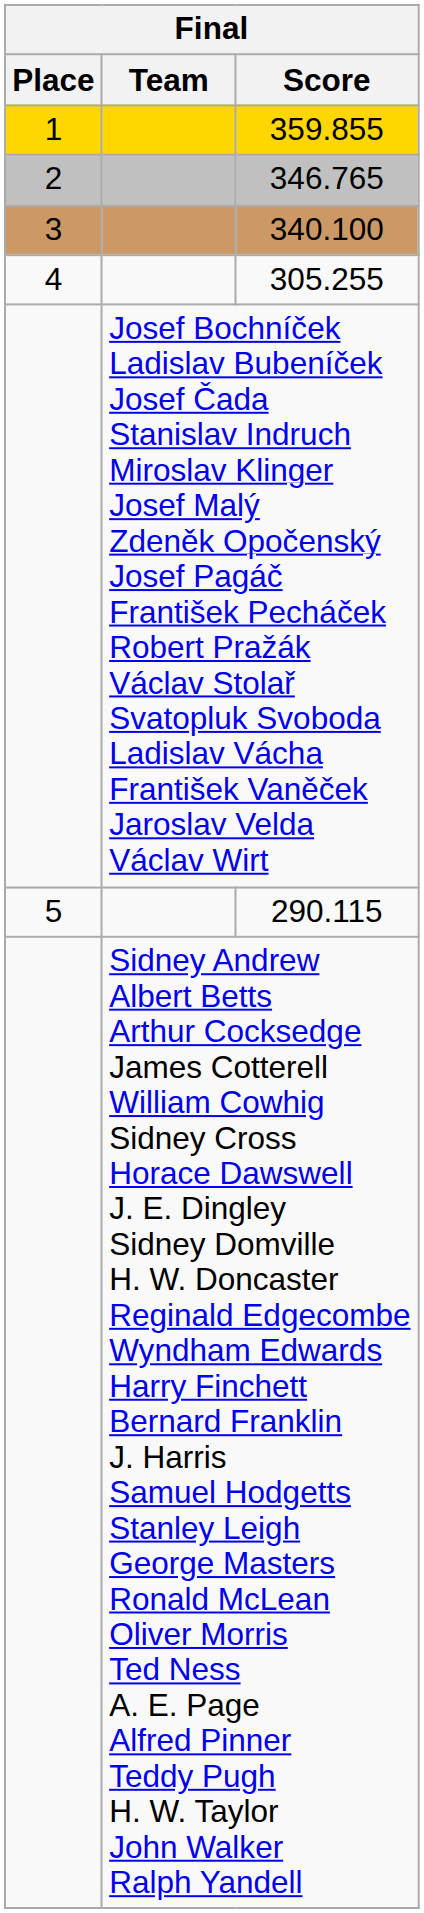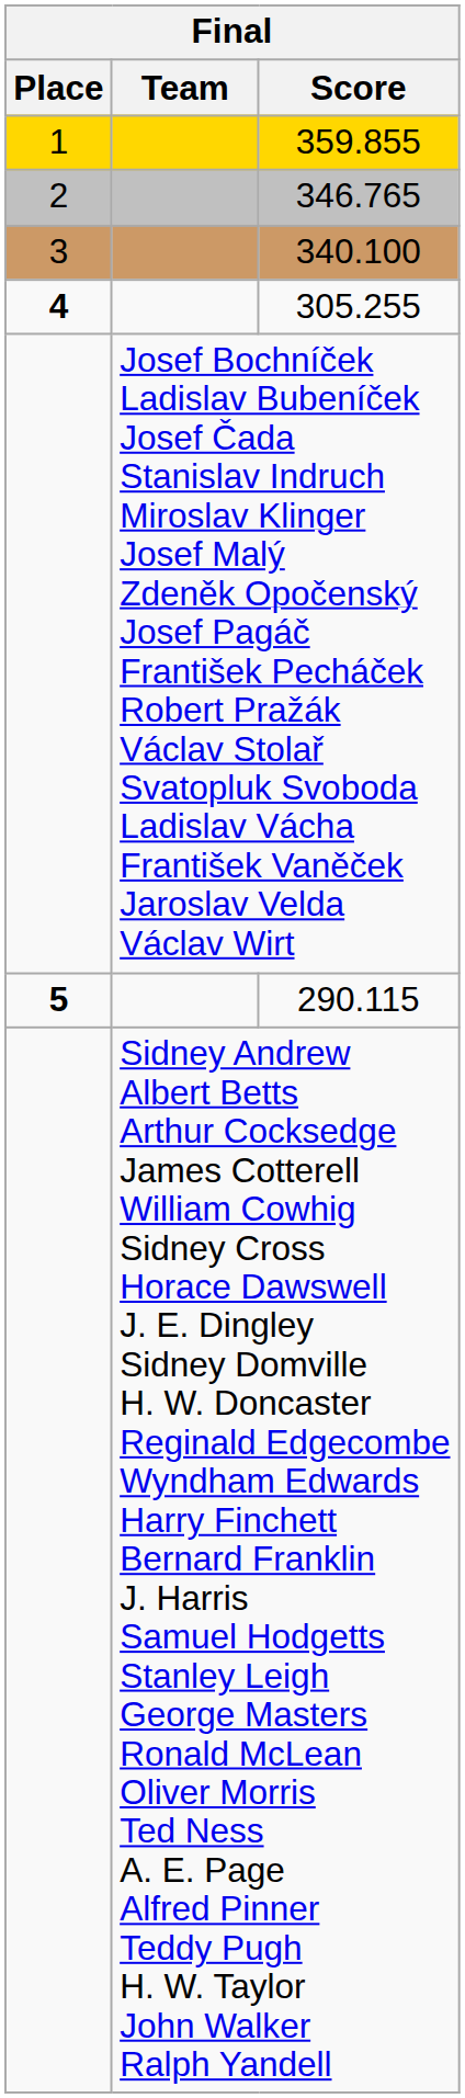 <table class=wikitable style="text-align:center">
 <tr>
 <th colspan=3>Final</th>
 </tr>
 <tr>
 <th>Place</th>
 <th>Team</th>
 <th>Score</th>
 </tr>
 <tr bgcolor=gold>
 <td>1</td>
 <td align=left></td>
 <td>359.855</td>
 </tr>
 <tr bgcolor=silver>
 <td>2</td>
 <td align=left></td>
 <td>346.765</td>
 </tr>
 <tr bgcolor=cc9966>
 <td>3</td>
 <td align=left></td>
 <td>340.100</td>
 </tr>
 <tr>
-<td>4</td>
+<td><strong>4</strong></td>
 <td align=left></td>
 <td>305.255</td>
 </tr>
 <tr>
 <td></td>
 <td align=left colspan=2><a href='#'>Josef Bochníček</a><br><a href='#'>Ladislav Bubeníček</a><br><a href='#'>Josef Čada</a><br><a href='#'>Stanislav Indruch</a><br><a href='#'>Miroslav Klinger</a><br><a href='#'>Josef Malý</a><br><a href='#'>Zdeněk Opočenský</a><br><a href='#'>Josef Pagáč</a><br><a href='#'>František Pecháček</a><br><a href='#'>Robert Pražák</a><br><a href='#'>Václav Stolař</a><br><a href='#'>Svatopluk Svoboda</a><br><a href='#'>Ladislav Vácha</a><br><a href='#'>František Vaněček</a><br><a href='#'>Jaroslav Velda</a><br><a href='#'>Václav Wirt</a></td>
 </tr>
 <tr>
-<td>5</td>
+<td><strong>5</strong></td>
 <td align=left></td>
 <td>290.115</td>
 </tr>
 <tr>
 <td></td>
 <td align=left colspan=2><a href='#'>Sidney Andrew</a><br><a href='#'>Albert Betts</a><br><a href='#'>Arthur Cocksedge</a><br>James Cotterell<br><a href='#'>William Cowhig</a><br>Sidney Cross<br><a href='#'>Horace Dawswell</a><br>J. E. Dingley<br>Sidney Domville<br>H. W. Doncaster<br><a href='#'>Reginald Edgecombe</a><br><a href='#'>Wyndham Edwards</a><br><a href='#'>Harry Finchett</a><br><a href='#'>Bernard Franklin</a><br>J. Harris<br><a href='#'>Samuel Hodgetts</a><br><a href='#'>Stanley Leigh</a><br><a href='#'>George Masters</a><br><a href='#'>Ronald McLean</a><br><a href='#'>Oliver Morris</a><br><a href='#'>Ted Ness</a><br>A. E. Page<br><a href='#'>Alfred Pinner</a><br><a href='#'>Teddy Pugh</a><br>H. W. Taylor<br><a href='#'>John Walker</a><br><a href='#'>Ralph Yandell</a></td>
 </tr>
 </table>
